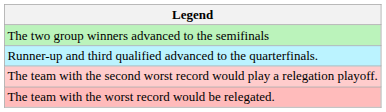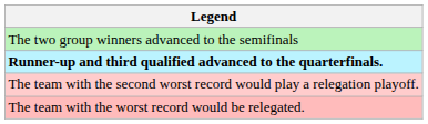 <table class="wikitable">
 <tr>
 <th>Legend</th>
 </tr>
 <tr bgcolor=BBF3BB>
 <td>The two group winners advanced to the semifinals</td>
 </tr>
 <tr bgcolor=#BBF3FF>
-<td>Runner-up and third qualified advanced to the quarterfinals.</td>
+<td><strong>Runner-up and third qualified advanced to the quarterfinals.</strong></td>
 </tr>
 <tr bgcolor=#FFCCCC>
 <td>The team with the second worst record would play a relegation playoff.</td>
 </tr>
 <tr bgcolor=#FFBBBB>
 <td>The team with the worst record would be relegated.</td>
 </tr>
 </table>
